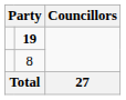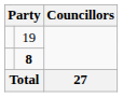 <table class="wikitable">
 <tr>
 <th colspan=2>Party</th>
 <th>Councillors</th>
 </tr>
 <tr>
 <td></td>
-<td align=center><strong>19</strong></td>
+<td align=center>19</td>
 </tr>
 <tr>
 <td></td>
-<td align=center>8</td>
+<td align=center><strong>8</strong></td>
 </tr>
 <tr>
 <th colspan=2>Total</th>
 <th align=center>27</th>
 </tr>
 </table>
